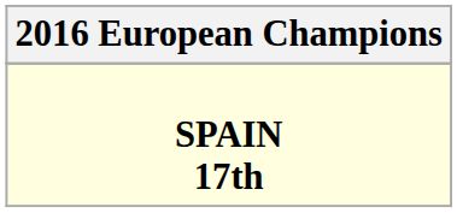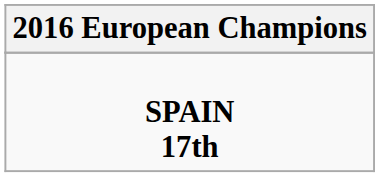 <table class="wikitable" style="text-align: center; margin: 0 auto;">
 <tr>
 <th>2016 European Champions</th>
 </tr>
 <tr>
 </tr>
 <tr>
-<td style="background: lightyellow;"><br><strong>SPAIN</strong><br><strong>17th</strong></td>
+<td><br><strong>SPAIN</strong><br><strong>17th</strong></td>
 </tr>
 </table>
